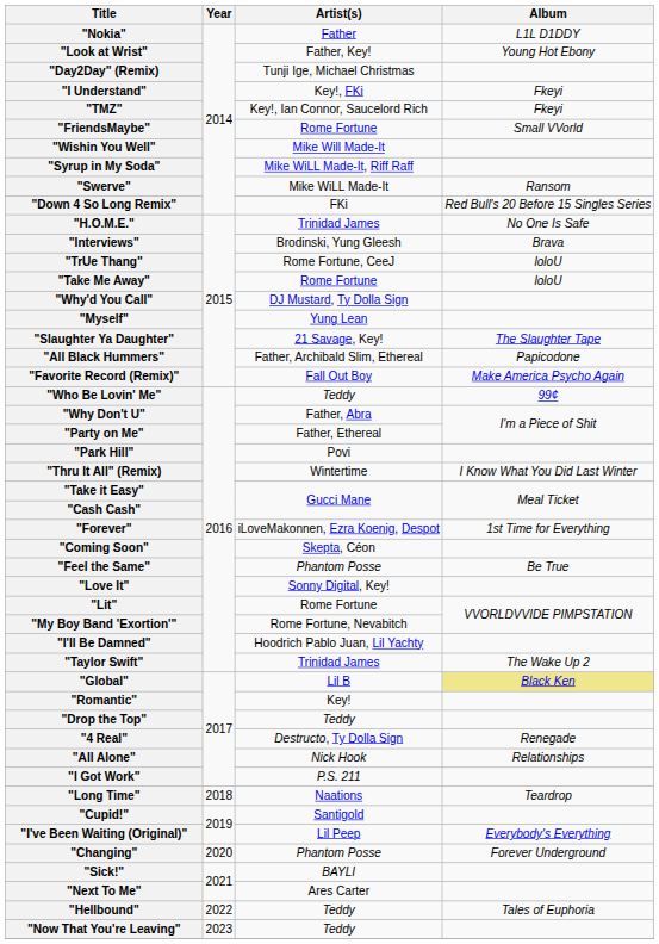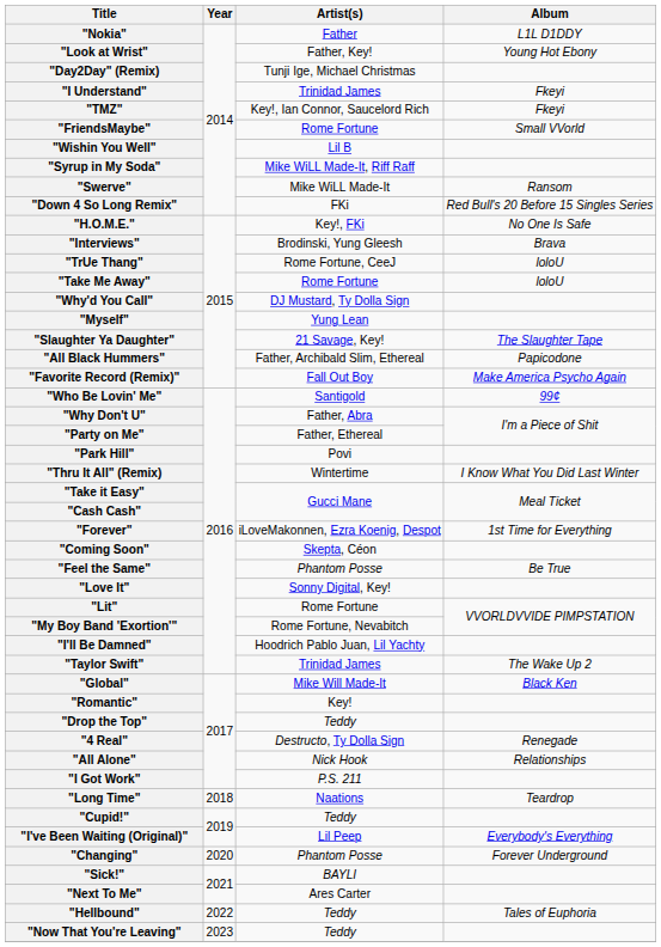 <table class="wikitable plainrowheaders" style="text-align:center;">
 <tr>
 <th scope="col" style="width:16em;">Title</th>
 <th scope="col">Year</th>
 <th scope="col">Artist(s)</th>
 <th scope="col">Album</th>
 </tr>
 <tr>
 <th scope="row">"Nokia"</th>
 <td rowspan="10">2014</td>
 <td><a href='#'>Father</a></td>
 <td><em>L1L D1DDY</em></td>
 </tr>
 <tr>
 <th scope="row">"Look at Wrist"</th>
 <td>Father, Key!</td>
 <td><em>Young Hot Ebony</em></td>
 </tr>
 <tr>
 <th scope="row">"Day2Day" (Remix)</th>
 <td>Tunji Ige, Michael Christmas</td>
 <td></td>
 </tr>
 <tr>
 <th scope="row">"I Understand"</th>
-<td>Key!, <a href='#'>FKi</a></td>
+<td><a href='#'>Trinidad James</a></td>
 <td><em>Fkeyi</em></td>
 </tr>
 <tr>
 <th scope="row">"TMZ"</th>
 <td>Key!, Ian Connor, Saucelord Rich</td>
 <td><em>Fkeyi</em></td>
 </tr>
 <tr>
 <th scope="row">"FriendsMaybe"</th>
 <td><a href='#'>Rome Fortune</a></td>
 <td><em>Small VVorld</em></td>
 </tr>
 <tr>
 <th scope="row">"Wishin You Well"</th>
-<td><a href='#'>Mike Will Made-It</a></td>
+<td><a href='#'>Lil B</a></td>
 <td></td>
 </tr>
 <tr>
 <th scope="row">"Syrup in My Soda"</th>
 <td><a href='#'>Mike WiLL Made-It</a>, <a href='#'>Riff Raff</a></td>
 <td></td>
 </tr>
 <tr>
 <th scope="row">"Swerve"</th>
 <td>Mike WiLL Made-It</td>
 <td><em>Ransom</em></td>
 </tr>
 <tr>
 <th scope="row">"Down 4 So Long Remix"</th>
 <td>FKi</td>
 <td><em>Red Bull's 20 Before 15 Singles Series</em></td>
 </tr>
 <tr>
 <th scope="row">"H.O.M.E."</th>
 <td rowspan="9">2015</td>
-<td><a href='#'>Trinidad James</a></td>
+<td>Key!, <a href='#'>FKi</a></td>
 <td><em>No One Is Safe</em></td>
 </tr>
 <tr>
 <th scope="row">"Interviews"</th>
 <td>Brodinski, Yung Gleesh</td>
 <td><em>Brava</em></td>
 </tr>
 <tr>
 <th scope="row">"TrUe Thang"</th>
 <td>Rome Fortune, CeeJ</td>
 <td><em>loloU</em></td>
 </tr>
 <tr>
 <th scope="row">"Take Me Away"</th>
 <td><a href='#'>Rome Fortune</a></td>
 <td><em>loloU</em></td>
 </tr>
 <tr>
 <th scope="row">"Why'd You Call"</th>
 <td><a href='#'>DJ Mustard</a>, <a href='#'>Ty Dolla Sign</a></td>
 <td></td>
 </tr>
 <tr>
 <th scope="row">"Myself"</th>
 <td><a href='#'>Yung Lean</a></td>
 <td></td>
 </tr>
 <tr>
 <th scope="row">"Slaughter Ya Daughter"</th>
 <td><a href='#'>21 Savage</a>, Key!</td>
 <td><em><a href='#'>The Slaughter Tape</a></em></td>
 </tr>
 <tr>
 <th scope="row">"All Black Hummers"</th>
 <td>Father, Archibald Slim, Ethereal</td>
 <td><em>Papicodone</em></td>
 </tr>
 <tr>
 <th scope="row">"Favorite Record (Remix)"</th>
 <td><a href='#'>Fall Out Boy</a></td>
 <td><em><a href='#'>Make America Psycho Again</a></em></td>
 </tr>
 <tr>
 <th scope="row">"Who Be Lovin' Me"</th>
 <td rowspan="15">2016</td>
-<td><em>Teddy</em></td>
+<td><a href='#'>Santigold</a></td>
 <td><em><a href='#'>99¢</a></em></td>
 </tr>
 <tr>
 <th scope="row">"Why Don't U"</th>
 <td>Father, <a href='#'>Abra</a></td>
 <td rowspan="2"><em>I'm a Piece of Shit</em></td>
 </tr>
 <tr>
 <th scope="row">"Party on Me"</th>
 <td>Father, Ethereal</td>
 </tr>
 <tr>
 <th scope="row">"Park Hill"</th>
 <td>Povi</td>
 <td></td>
 </tr>
 <tr>
 <th scope="row">"Thru It All" (Remix)</th>
 <td>Wintertime</td>
 <td><em>I Know What You Did Last Winter</em></td>
 </tr>
 <tr>
 <th scope="row">"Take it Easy"</th>
 <td rowspan="2"><a href='#'>Gucci Mane</a></td>
 <td rowspan="2"><em>Meal Ticket</em></td>
 </tr>
 <tr>
 <th scope="row">"Cash Cash"</th>
 </tr>
 <tr>
 <th scope="row">"Forever"</th>
 <td>iLoveMakonnen, <a href='#'>Ezra Koenig</a>, <a href='#'>Despot</a></td>
 <td><em>1st Time for Everything</em></td>
 </tr>
 <tr>
 <th scope="row">"Coming Soon"</th>
 <td><a href='#'>Skepta</a>, Céon</td>
 <td></td>
 </tr>
 <tr>
 <th scope="row">"Feel the Same"</th>
 <td><em>Phantom Posse</em></td>
 <td><em>Be True</em></td>
 </tr>
 <tr>
 <th scope="row">"Love It"</th>
 <td><a href='#'>Sonny Digital</a>, Key!</td>
 <td></td>
 </tr>
 <tr>
 <th scope="row">"Lit"</th>
 <td>Rome Fortune</td>
 <td rowspan="2"><em>VVORLDVVIDE PIMPSTATION</em></td>
 </tr>
 <tr>
 <th scope="row">"My Boy Band 'Exortion'"</th>
 <td>Rome Fortune, Nevabitch</td>
 </tr>
 <tr>
 <th scope="row">"I'll Be Damned"</th>
 <td>Hoodrich Pablo Juan, <a href='#'>Lil Yachty</a></td>
 <td></td>
 </tr>
 <tr>
 <th scope="row">"Taylor Swift"</th>
 <td><a href='#'>Trinidad James</a></td>
 <td><em>The Wake Up 2</em></td>
 </tr>
 <tr>
 <th scope="row">"Global"</th>
 <td rowspan="6">2017</td>
-<td><a href='#'>Lil B</a></td>
-<td style="background: khaki;"><em><a href='#'>Black Ken</a></em></td>
+<td><a href='#'>Mike Will Made-It</a></td>
+<td><em><a href='#'>Black Ken</a></em></td>
 </tr>
 <tr>
 <th scope="row">"Romantic"</th>
 <td>Key!</td>
 <td></td>
 </tr>
 <tr>
 <th scope="row">"Drop the Top"</th>
 <td><em>Teddy</em></td>
 <td></td>
 </tr>
 <tr>
 <th scope="row">"4 Real"</th>
 <td><em>Destructo</em>, <a href='#'>Ty Dolla Sign</a></td>
 <td><em>Renegade</em></td>
 </tr>
 <tr>
 <th scope="row">"All Alone"</th>
 <td><em>Nick Hook</em></td>
 <td><em>Relationships</em></td>
 </tr>
 <tr>
 <th scope="row">"I Got Work"</th>
 <td><em>P.S. 211</em></td>
 <td></td>
 </tr>
 <tr>
 <th scope="row">"Long Time"</th>
 <td rowspan="1">2018</td>
 <td><a href='#'>Naations</a></td>
 <td><em>Teardrop</em></td>
 </tr>
 <tr>
 <th scope="row">"Cupid!"</th>
 <td rowspan="2">2019</td>
-<td><a href='#'>Santigold</a></td>
+<td><em>Teddy</em></td>
 <td></td>
 </tr>
 <tr>
 <th scope="row">"I've Been Waiting (Original)"</th>
 <td><a href='#'>Lil Peep</a></td>
 <td><em><a href='#'>Everybody's Everything</a></em></td>
 </tr>
 <tr>
 <th scope="row">"Changing"</th>
 <td rowspan="1">2020</td>
 <td><em>Phantom Posse</em></td>
 <td><em>Forever Underground</em></td>
 </tr>
 <tr>
 <th scope="row">"Sick!"</th>
 <td rowspan="2">2021</td>
 <td><em>BAYLI</em></td>
 <td></td>
 </tr>
 <tr>
 <th scope="row">"Next To Me"</th>
 <td>Ares Carter</td>
 <td></td>
 </tr>
 <tr>
 <th scope="row">"Hellbound"</th>
 <td rowspan="1">2022</td>
 <td><em>Teddy</em></td>
 <td><em>Tales of Euphoria</em></td>
 </tr>
 <tr>
 <th scope="row">"Now That You're Leaving"</th>
 <td rowspan="1">2023</td>
 <td><em>Teddy</em></td>
 <td></td>
 </tr>
 <tr>
 </tr>
 </table>
